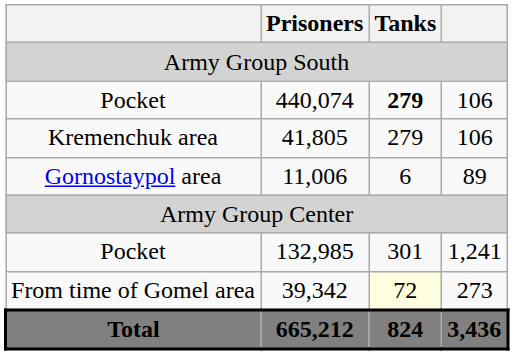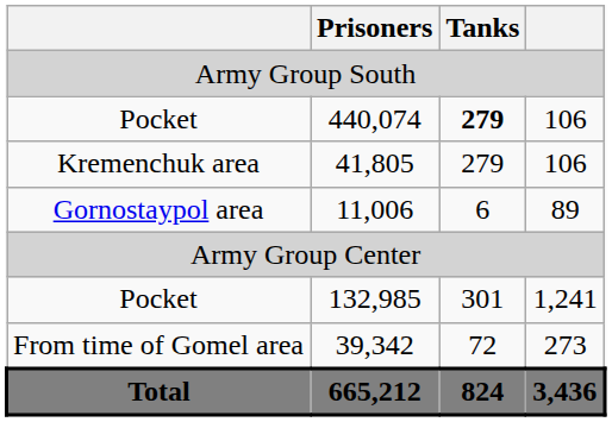 <table class="wikitable" style="font-size:100%; text-align:center" align="center">
 <tr>
 <th></th>
 <th>Prisoners</th>
 <th>Tanks</th>
 <th></th>
 </tr>
 <tr>
 <td style="background: lightgray", colspan=4>Army Group South</td>
 </tr>
 <tr>
 <td>Pocket</td>
 <td>440,074</td>
 <td><strong>279</strong></td>
 <td>106</td>
 </tr>
 <tr>
 <td>Kremenchuk area</td>
 <td>41,805</td>
 <td>279</td>
 <td>106</td>
 </tr>
 <tr>
 <td><a href='#'>Gornostaypol</a> area</td>
 <td>11,006</td>
 <td>6</td>
 <td>89</td>
 </tr>
 <tr>
 <td style="background: lightgray", colspan=4>Army Group Center</td>
 </tr>
 <tr>
 <td>Pocket</td>
 <td>132,985</td>
 <td>301</td>
 <td>1,241</td>
 </tr>
 <tr>
 <td>From time of Gomel area</td>
 <td>39,342</td>
-<td style="background: lightyellow;">72</td>
+<td>72</td>
 <td>273</td>
 </tr>
 <tr style="background: gray; border: 2px solid ; color: black;">
 <td><strong>Total</strong></td>
 <td><strong>665,212</strong></td>
 <td><strong>824</strong></td>
 <td><strong>3,436</strong></td>
 </tr>
 </table>
